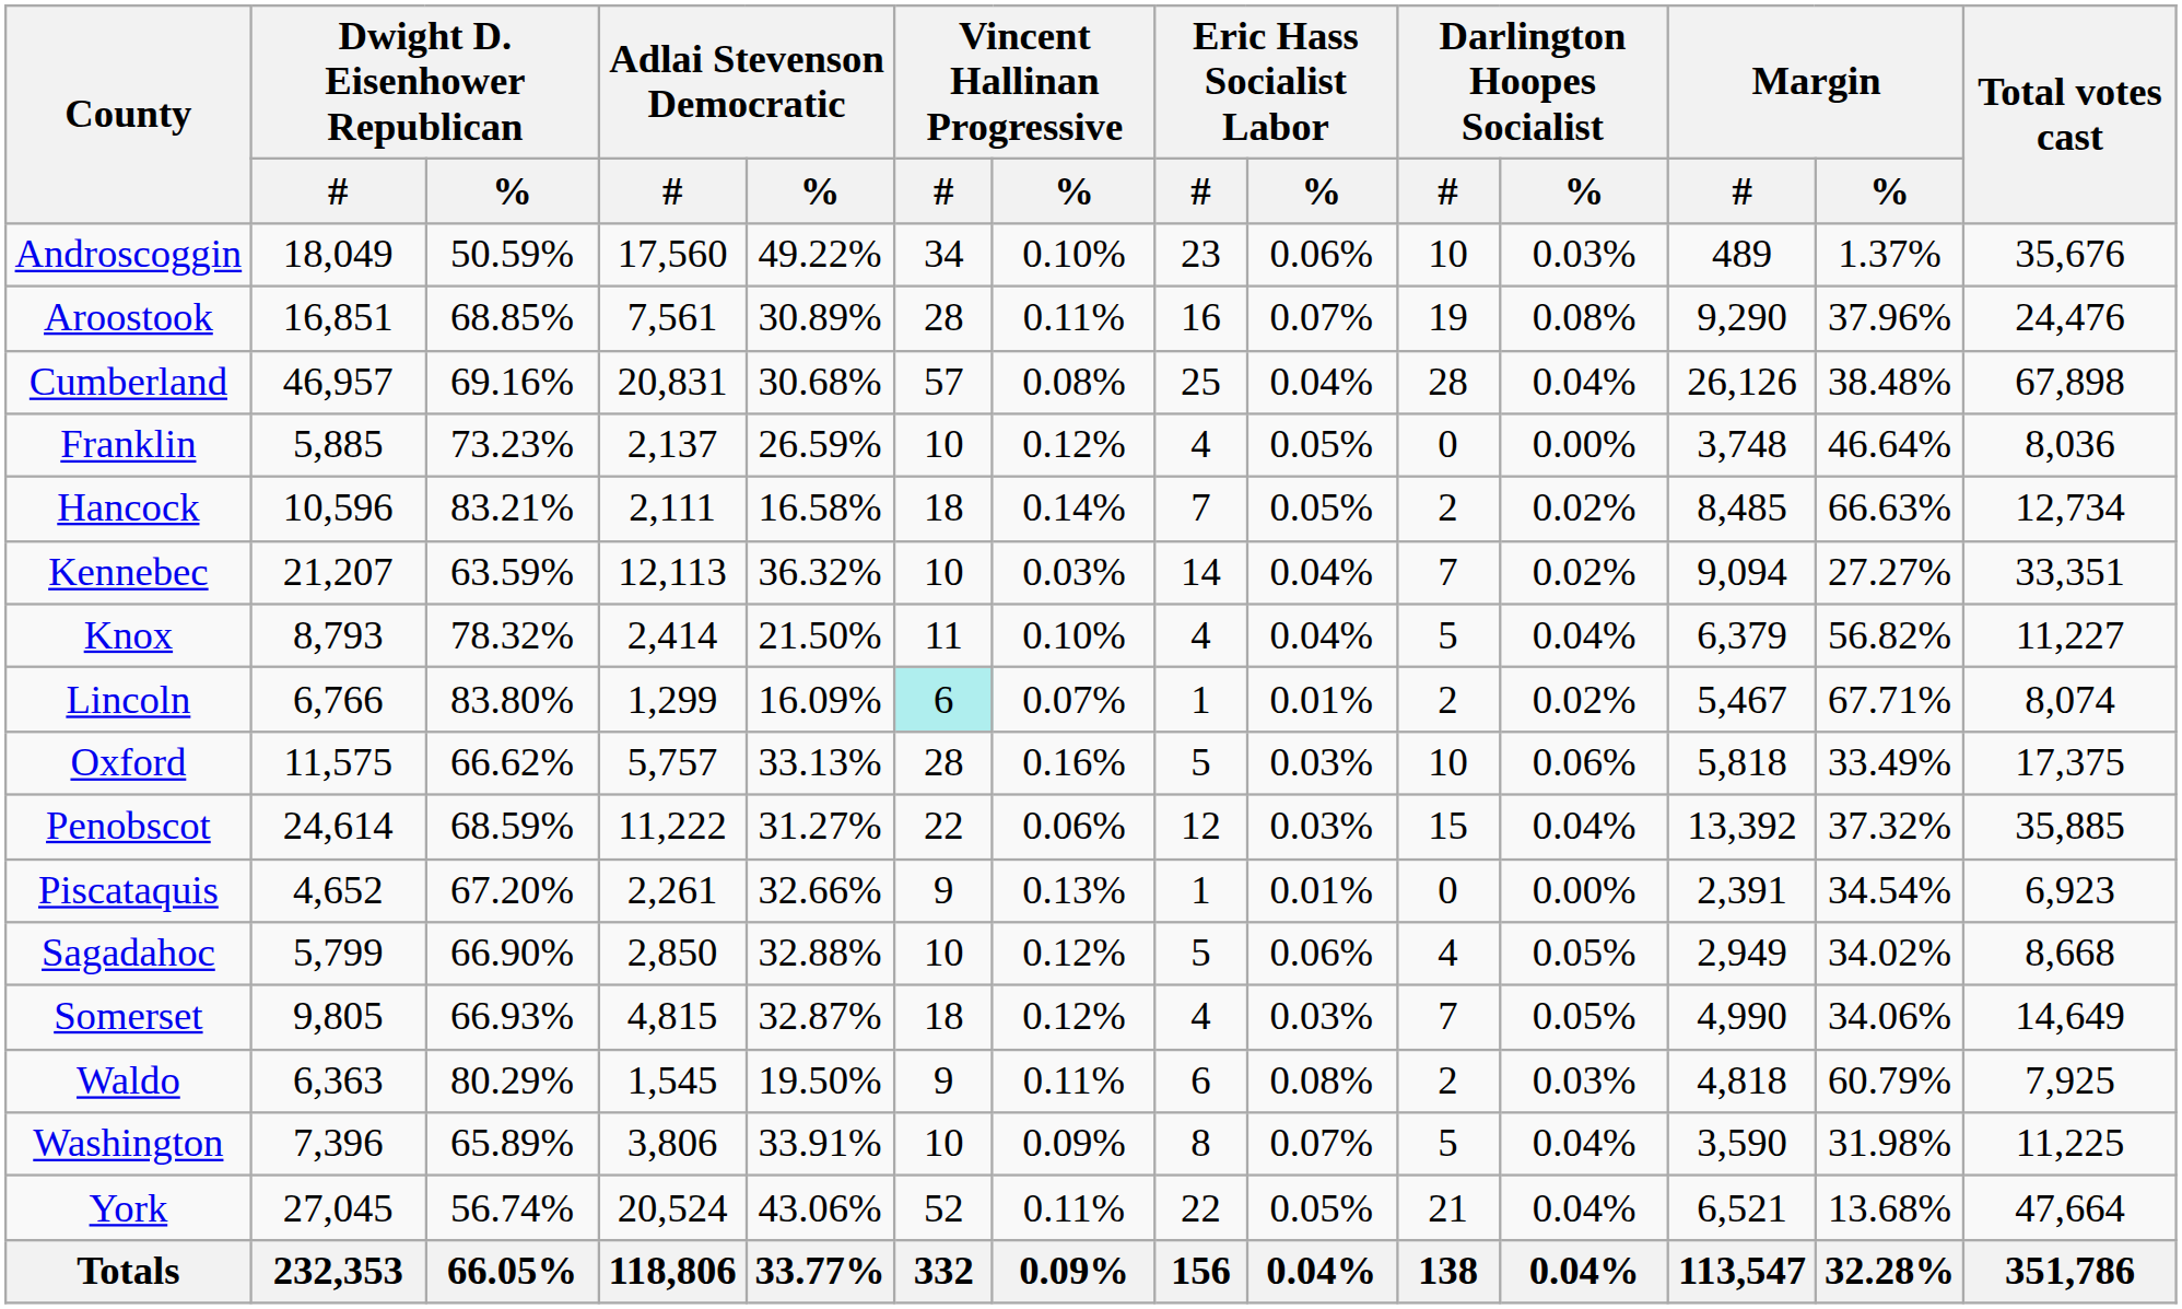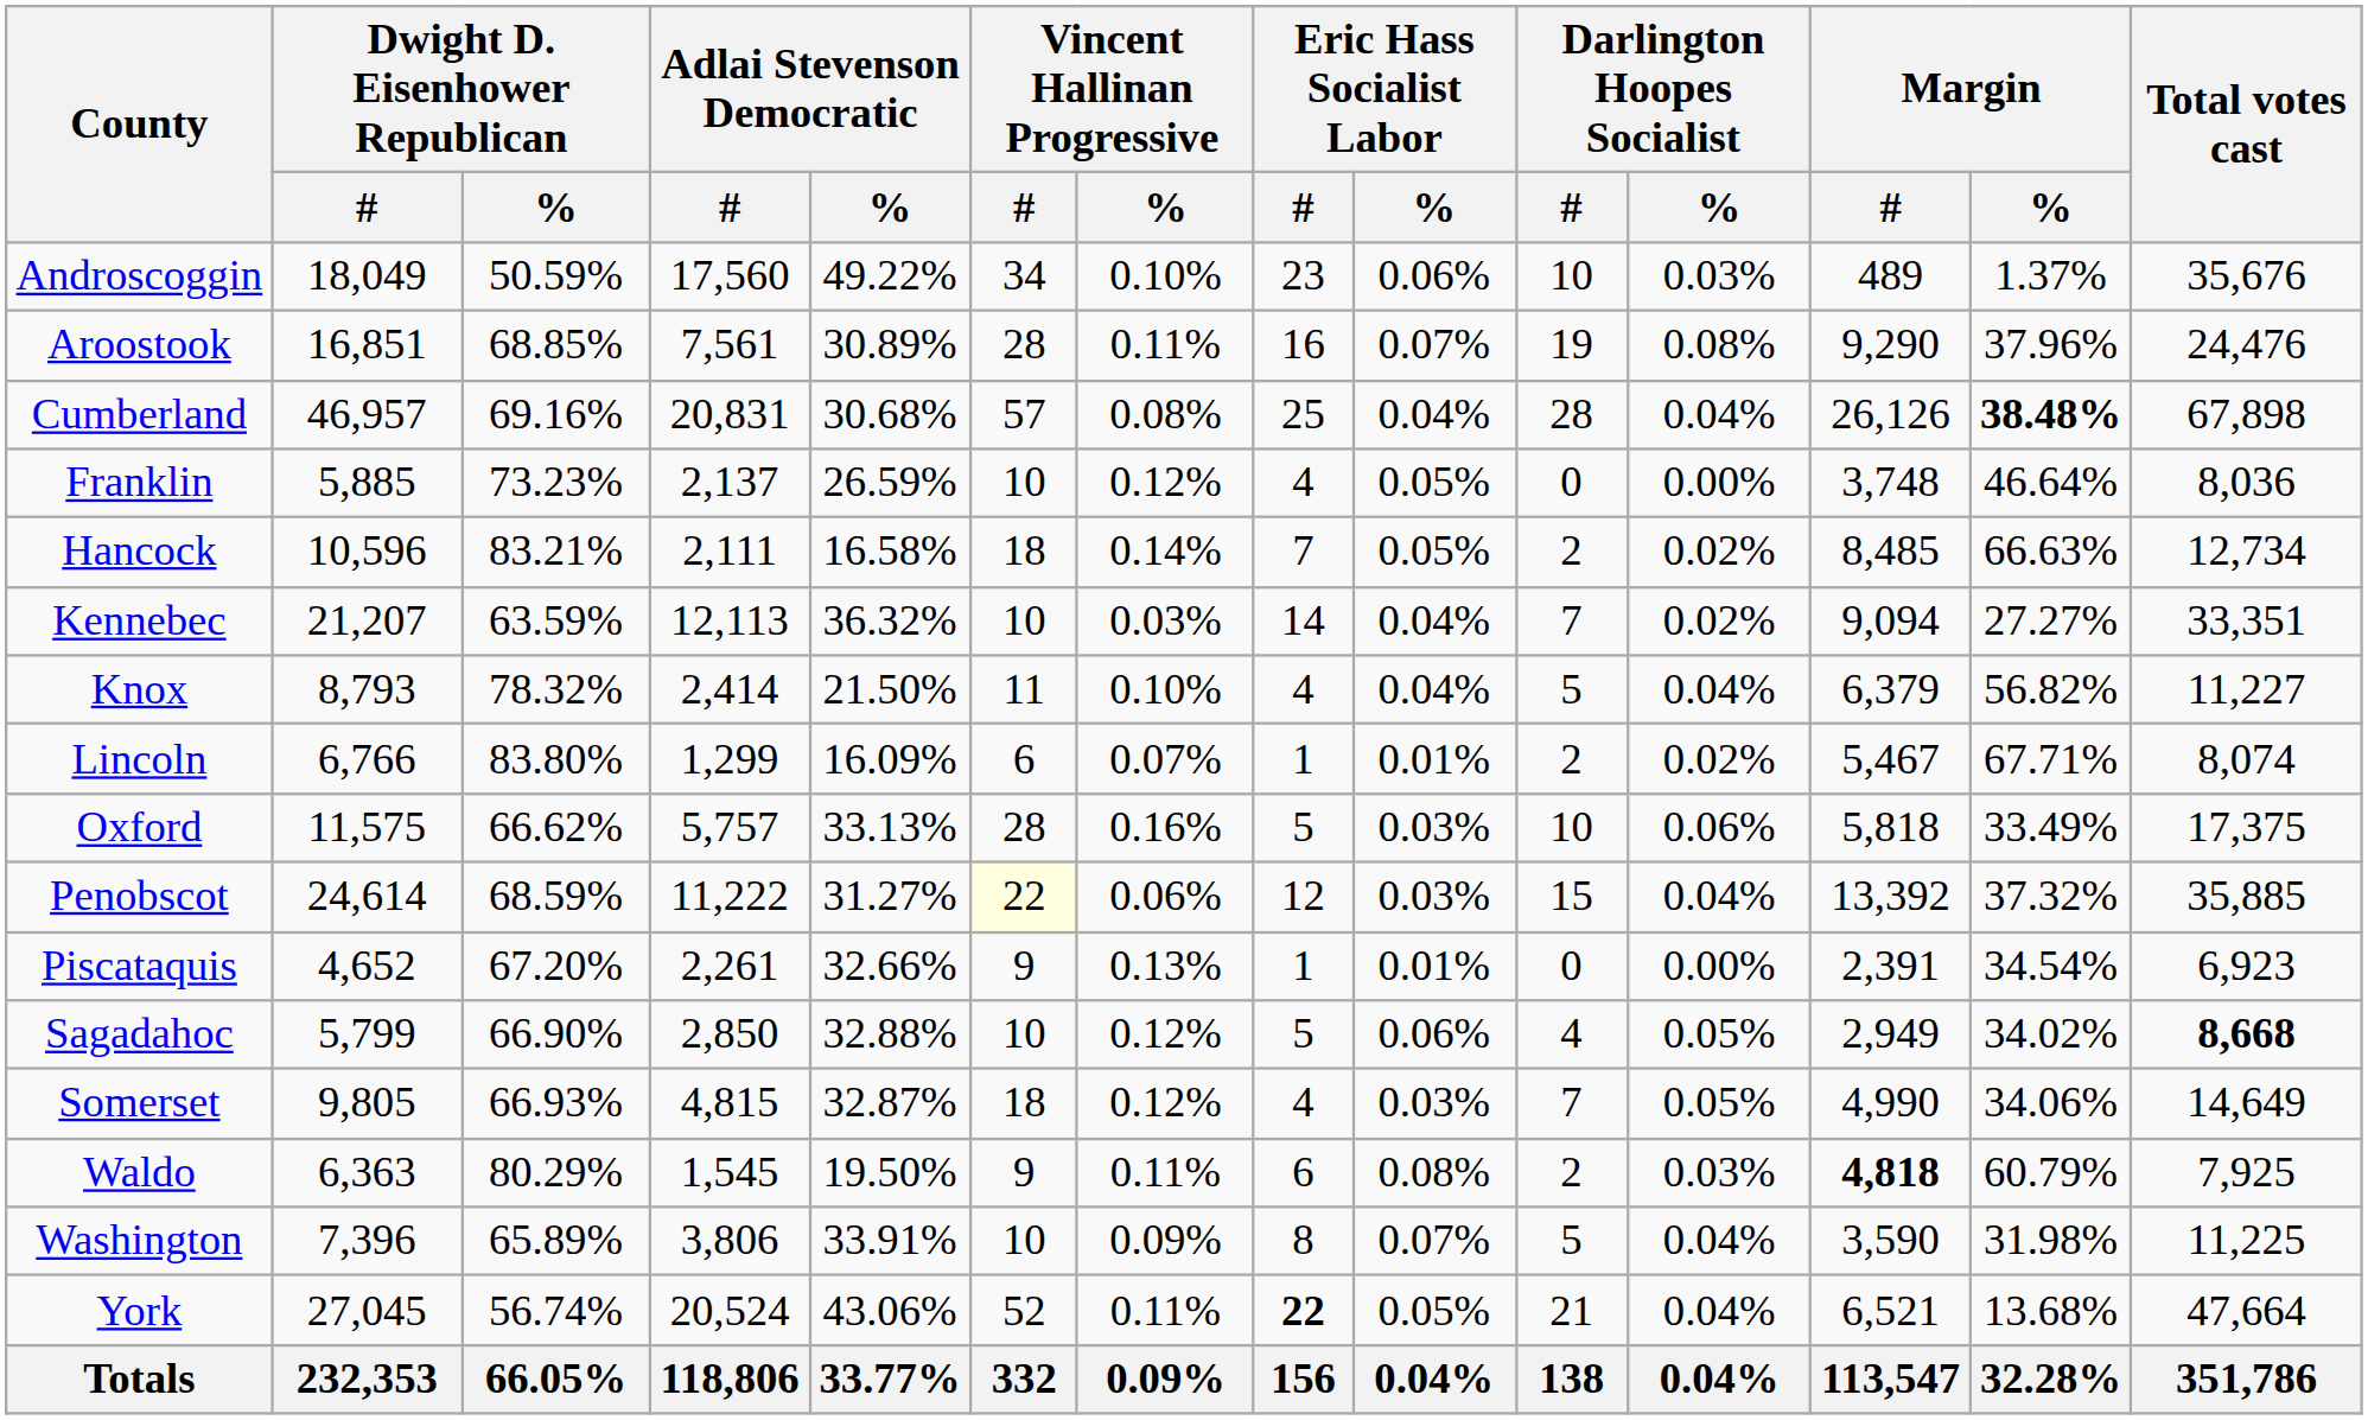 <table class="wikitable sortable">
 <tr>
 <th rowspan="2">County</th>
 <th colspan="2">Dwight D. Eisenhower<br>Republican</th>
 <th colspan="2">Adlai Stevenson<br>Democratic</th>
 <th colspan="2">Vincent Hallinan<br>Progressive</th>
 <th colspan="2">Eric Hass<br>Socialist Labor</th>
 <th colspan="2">Darlington Hoopes<br>Socialist</th>
 <th colspan="2">Margin</th>
 <th rowspan="2">Total votes cast</th>
 </tr>
 <tr>
 <th data-sort-type="number">#</th>
 <th data-sort-type="number">%</th>
 <th data-sort-type="number">#</th>
 <th data-sort-type="number">%</th>
 <th data-sort-type="number">#</th>
 <th data-sort-type="number">%</th>
 <th data-sort-type="number">#</th>
 <th data-sort-type="number">%</th>
 <th data-sort-type="number">#</th>
 <th data-sort-type="number">%</th>
 <th data-sort-type="number">#</th>
 <th data-sort-type="number">%</th>
 </tr>
 <tr style="text-align:center;">
 <td><a href='#'>Androscoggin</a></td>
 <td>18,049</td>
 <td>50.59%</td>
 <td>17,560</td>
 <td>49.22%</td>
 <td>34</td>
 <td>0.10%</td>
 <td>23</td>
 <td>0.06%</td>
 <td>10</td>
 <td>0.03%</td>
 <td>489</td>
 <td>1.37%</td>
 <td>35,676</td>
 </tr>
 <tr style="text-align:center;">
 <td><a href='#'>Aroostook</a></td>
 <td>16,851</td>
 <td>68.85%</td>
 <td>7,561</td>
 <td>30.89%</td>
 <td>28</td>
 <td>0.11%</td>
 <td>16</td>
 <td>0.07%</td>
 <td>19</td>
 <td>0.08%</td>
 <td>9,290</td>
 <td>37.96%</td>
 <td>24,476</td>
 </tr>
 <tr style="text-align:center;">
 <td><a href='#'>Cumberland</a></td>
 <td>46,957</td>
 <td>69.16%</td>
 <td>20,831</td>
 <td>30.68%</td>
 <td>57</td>
 <td>0.08%</td>
 <td>25</td>
 <td>0.04%</td>
 <td>28</td>
 <td>0.04%</td>
 <td>26,126</td>
-<td>38.48%</td>
+<td><strong>38.48%</strong></td>
 <td>67,898</td>
 </tr>
 <tr style="text-align:center;">
 <td><a href='#'>Franklin</a></td>
 <td>5,885</td>
 <td>73.23%</td>
 <td>2,137</td>
 <td>26.59%</td>
 <td>10</td>
 <td>0.12%</td>
 <td>4</td>
 <td>0.05%</td>
 <td>0</td>
 <td>0.00%</td>
 <td>3,748</td>
 <td>46.64%</td>
 <td>8,036</td>
 </tr>
 <tr style="text-align:center;">
 <td><a href='#'>Hancock</a></td>
 <td>10,596</td>
 <td>83.21%</td>
 <td>2,111</td>
 <td>16.58%</td>
 <td>18</td>
 <td>0.14%</td>
 <td>7</td>
 <td>0.05%</td>
 <td>2</td>
 <td>0.02%</td>
 <td>8,485</td>
 <td>66.63%</td>
 <td>12,734</td>
 </tr>
 <tr style="text-align:center;">
 <td><a href='#'>Kennebec</a></td>
 <td>21,207</td>
 <td>63.59%</td>
 <td>12,113</td>
 <td>36.32%</td>
 <td>10</td>
 <td>0.03%</td>
 <td>14</td>
 <td>0.04%</td>
 <td>7</td>
 <td>0.02%</td>
 <td>9,094</td>
 <td>27.27%</td>
 <td>33,351</td>
 </tr>
 <tr style="text-align:center;">
 <td><a href='#'>Knox</a></td>
 <td>8,793</td>
 <td>78.32%</td>
 <td>2,414</td>
 <td>21.50%</td>
 <td>11</td>
 <td>0.10%</td>
 <td>4</td>
 <td>0.04%</td>
 <td>5</td>
 <td>0.04%</td>
 <td>6,379</td>
 <td>56.82%</td>
 <td>11,227</td>
 </tr>
 <tr style="text-align:center;">
 <td><a href='#'>Lincoln</a></td>
 <td>6,766</td>
 <td>83.80%</td>
 <td>1,299</td>
 <td>16.09%</td>
-<td style="background: paleturquoise;">6</td>
+<td>6</td>
 <td>0.07%</td>
 <td>1</td>
 <td>0.01%</td>
 <td>2</td>
 <td>0.02%</td>
 <td>5,467</td>
 <td>67.71%</td>
 <td>8,074</td>
 </tr>
 <tr style="text-align:center;">
 <td><a href='#'>Oxford</a></td>
 <td>11,575</td>
 <td>66.62%</td>
 <td>5,757</td>
 <td>33.13%</td>
 <td>28</td>
 <td>0.16%</td>
 <td>5</td>
 <td>0.03%</td>
 <td>10</td>
 <td>0.06%</td>
 <td>5,818</td>
 <td>33.49%</td>
 <td>17,375</td>
 </tr>
 <tr style="text-align:center;">
 <td><a href='#'>Penobscot</a></td>
 <td>24,614</td>
 <td>68.59%</td>
 <td>11,222</td>
 <td>31.27%</td>
-<td>22</td>
+<td style="background: lightyellow;">22</td>
 <td>0.06%</td>
 <td>12</td>
 <td>0.03%</td>
 <td>15</td>
 <td>0.04%</td>
 <td>13,392</td>
 <td>37.32%</td>
 <td>35,885</td>
 </tr>
 <tr style="text-align:center;">
 <td><a href='#'>Piscataquis</a></td>
 <td>4,652</td>
 <td>67.20%</td>
 <td>2,261</td>
 <td>32.66%</td>
 <td>9</td>
 <td>0.13%</td>
 <td>1</td>
 <td>0.01%</td>
 <td>0</td>
 <td>0.00%</td>
 <td>2,391</td>
 <td>34.54%</td>
 <td>6,923</td>
 </tr>
 <tr style="text-align:center;">
 <td><a href='#'>Sagadahoc</a></td>
 <td>5,799</td>
 <td>66.90%</td>
 <td>2,850</td>
 <td>32.88%</td>
 <td>10</td>
 <td>0.12%</td>
 <td>5</td>
 <td>0.06%</td>
 <td>4</td>
 <td>0.05%</td>
 <td>2,949</td>
 <td>34.02%</td>
-<td>8,668</td>
+<td><strong>8,668</strong></td>
 </tr>
 <tr style="text-align:center;">
 <td><a href='#'>Somerset</a></td>
 <td>9,805</td>
 <td>66.93%</td>
 <td>4,815</td>
 <td>32.87%</td>
 <td>18</td>
 <td>0.12%</td>
 <td>4</td>
 <td>0.03%</td>
 <td>7</td>
 <td>0.05%</td>
 <td>4,990</td>
 <td>34.06%</td>
 <td>14,649</td>
 </tr>
 <tr style="text-align:center;">
 <td><a href='#'>Waldo</a></td>
 <td>6,363</td>
 <td>80.29%</td>
 <td>1,545</td>
 <td>19.50%</td>
 <td>9</td>
 <td>0.11%</td>
 <td>6</td>
 <td>0.08%</td>
 <td>2</td>
 <td>0.03%</td>
-<td>4,818</td>
+<td><strong>4,818</strong></td>
 <td>60.79%</td>
 <td>7,925</td>
 </tr>
 <tr style="text-align:center;">
 <td><a href='#'>Washington</a></td>
 <td>7,396</td>
 <td>65.89%</td>
 <td>3,806</td>
 <td>33.91%</td>
 <td>10</td>
 <td>0.09%</td>
 <td>8</td>
 <td>0.07%</td>
 <td>5</td>
 <td>0.04%</td>
 <td>3,590</td>
 <td>31.98%</td>
 <td>11,225</td>
 </tr>
 <tr style="text-align:center;">
 <td><a href='#'>York</a></td>
 <td>27,045</td>
 <td>56.74%</td>
 <td>20,524</td>
 <td>43.06%</td>
 <td>52</td>
 <td>0.11%</td>
-<td>22</td>
+<td><strong>22</strong></td>
 <td>0.05%</td>
 <td>21</td>
 <td>0.04%</td>
 <td>6,521</td>
 <td>13.68%</td>
 <td>47,664</td>
 </tr>
 <tr style="text-align:center;">
 <th>Totals</th>
 <th>232,353</th>
 <th>66.05%</th>
 <th>118,806</th>
 <th>33.77%</th>
 <th>332</th>
 <th>0.09%</th>
 <th>156</th>
 <th>0.04%</th>
 <th>138</th>
 <th>0.04%</th>
 <th>113,547</th>
 <th>32.28%</th>
 <th>351,786</th>
 </tr>
 </table>
